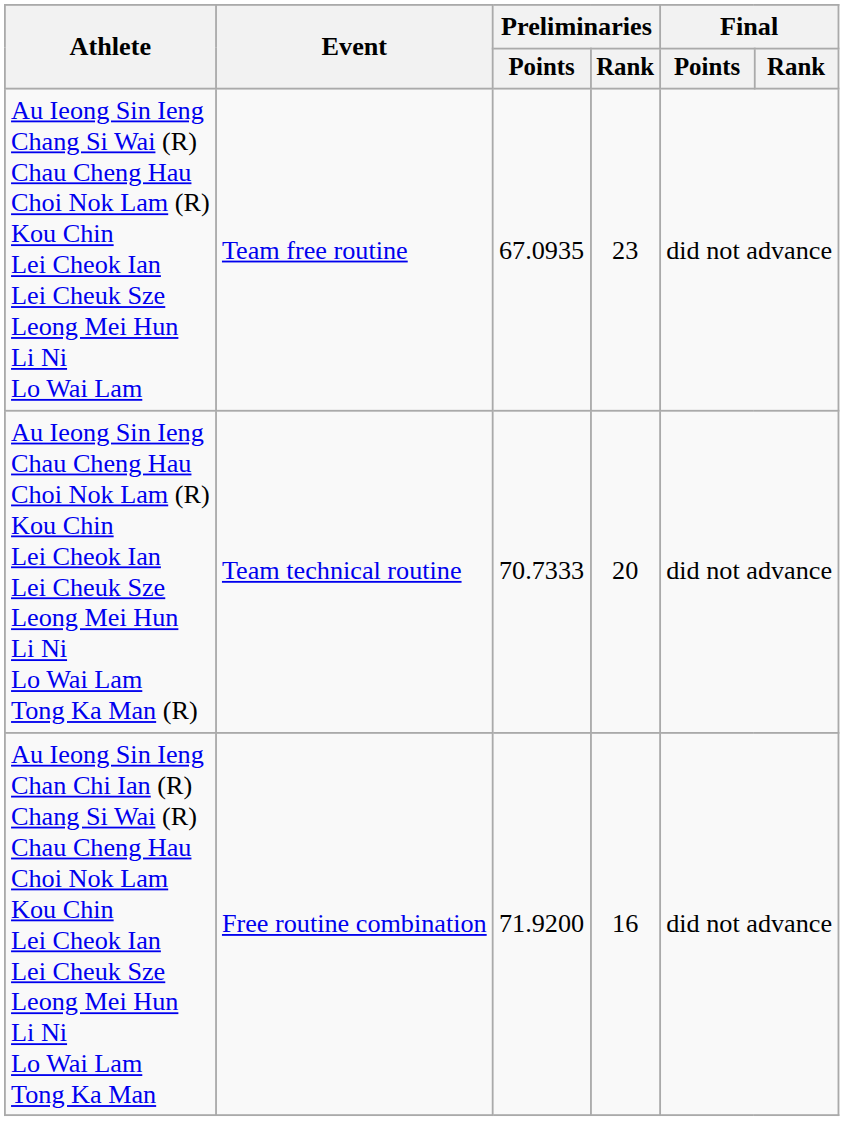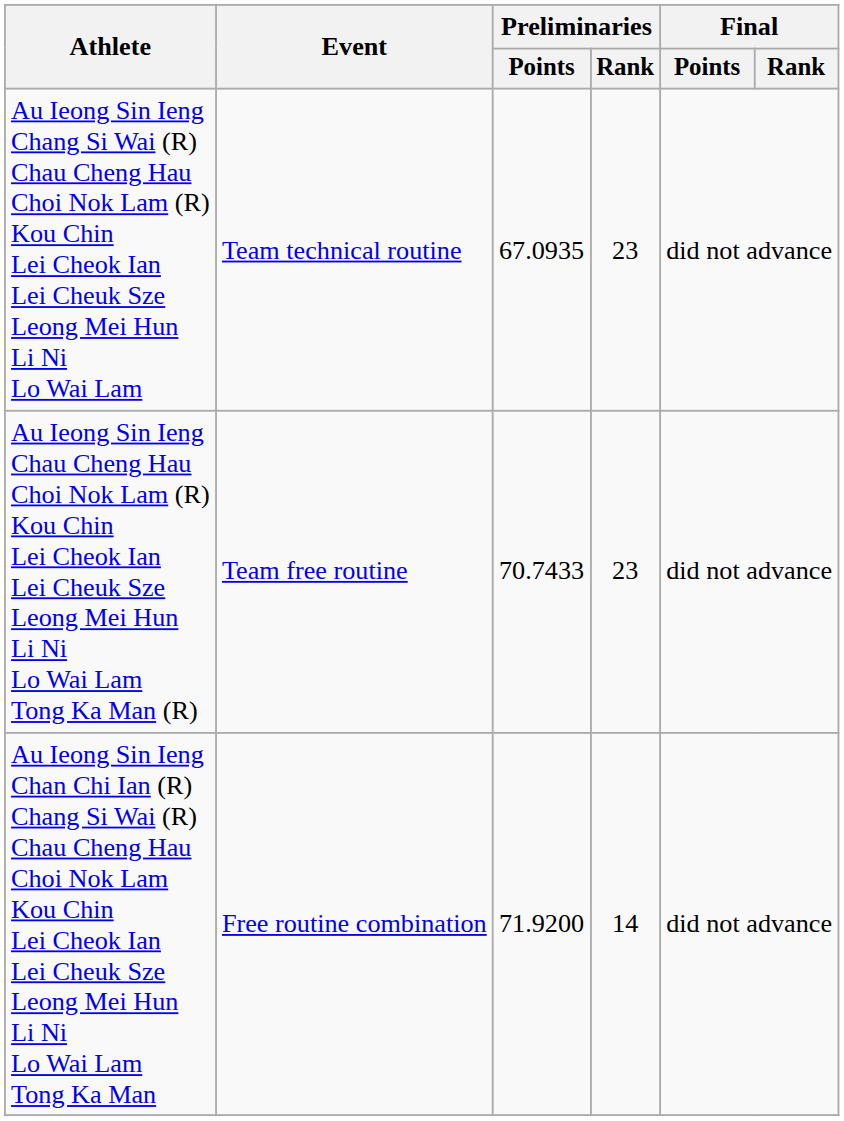 <table class=wikitable style="font-size:90%">
 <tr>
 <th rowspan="2">Athlete</th>
 <th rowspan="2">Event</th>
 <th colspan="2">Preliminaries</th>
 <th colspan="2">Final</th>
 </tr>
 <tr style="font-size:95%">
 <th>Points</th>
 <th>Rank</th>
 <th>Points</th>
 <th>Rank</th>
 </tr>
 <tr align=center>
 <td align=left><a href='#'>Au Ieong Sin Ieng</a><br><a href='#'>Chang Si Wai</a> (R)<br><a href='#'>Chau Cheng Hau</a><br><a href='#'>Choi Nok Lam</a> (R)<br><a href='#'>Kou Chin</a><br><a href='#'>Lei Cheok Ian</a><br><a href='#'>Lei Cheuk Sze</a><br><a href='#'>Leong Mei Hun</a><br><a href='#'>Li Ni</a><br><a href='#'>Lo Wai Lam</a></td>
-<td align=left><a href='#'>Team free routine</a></td>
+<td align=left><a href='#'>Team technical routine</a></td>
 <td>67.0935</td>
 <td>23</td>
 <td colspan=2>did not advance</td>
 </tr>
 <tr align=center>
 <td align=left><a href='#'>Au Ieong Sin Ieng</a><br><a href='#'>Chau Cheng Hau</a><br><a href='#'>Choi Nok Lam</a> (R)<br><a href='#'>Kou Chin</a><br><a href='#'>Lei Cheok Ian</a><br><a href='#'>Lei Cheuk Sze</a><br><a href='#'>Leong Mei Hun</a><br><a href='#'>Li Ni</a><br><a href='#'>Lo Wai Lam</a><br><a href='#'>Tong Ka Man</a> (R)</td>
-<td align=left><a href='#'>Team technical routine</a></td>
-<td>70.7333</td>
-<td>20</td>
+<td align=left><a href='#'>Team free routine</a></td>
+<td>70.7433</td>
+<td>23</td>
 <td colspan=2>did not advance</td>
 </tr>
 <tr align=center>
 <td align=left><a href='#'>Au Ieong Sin Ieng</a><br><a href='#'>Chan Chi Ian</a> (R)<br><a href='#'>Chang Si Wai</a> (R)<br><a href='#'>Chau Cheng Hau</a><br><a href='#'>Choi Nok Lam</a><br><a href='#'>Kou Chin</a><br><a href='#'>Lei Cheok Ian</a><br><a href='#'>Lei Cheuk Sze</a><br><a href='#'>Leong Mei Hun</a><br><a href='#'>Li Ni</a><br><a href='#'>Lo Wai Lam</a><br><a href='#'>Tong Ka Man</a></td>
 <td align=left><a href='#'>Free routine combination</a></td>
 <td>71.9200</td>
-<td>16</td>
+<td>14</td>
 <td colspan=2>did not advance</td>
 </tr>
 </table>
